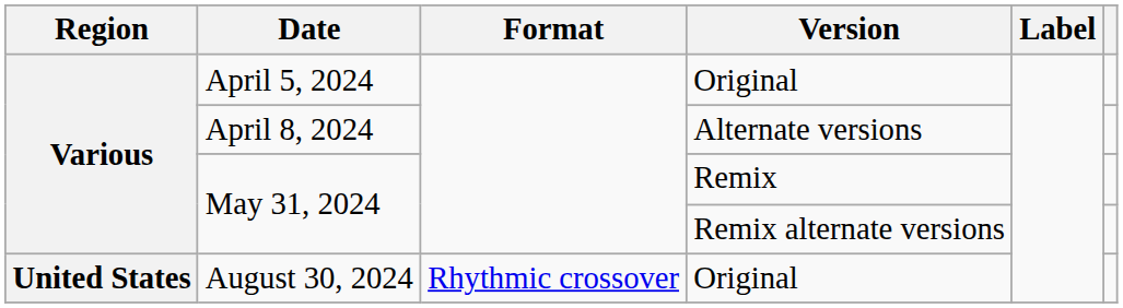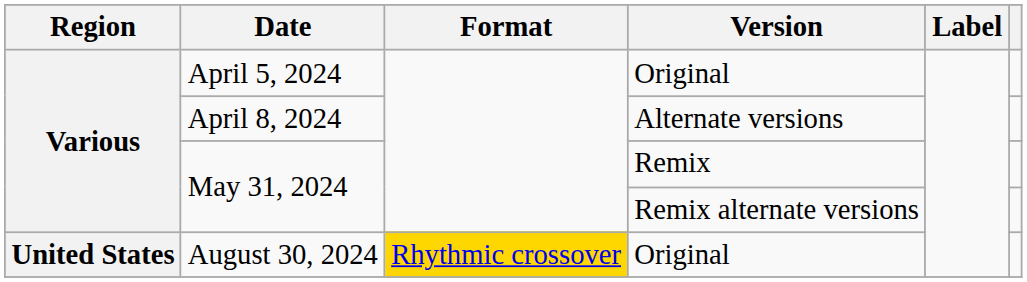 <table class="wikitable plainrowheaders">
 <tr>
 <th scope="col">Region</th>
 <th scope="col">Date</th>
 <th scope="col">Format</th>
 <th scope="col">Version</th>
 <th scope="col">Label</th>
 <th scope="col"></th>
 </tr>
 <tr>
 <th scope="row" rowspan="4">Various</th>
 <td>April 5, 2024</td>
 <td rowspan="4"></td>
 <td>Original</td>
 <td rowspan="5"></td>
 <td style="text-align:center;"></td>
 </tr>
 <tr>
 <td>April 8, 2024</td>
 <td>Alternate versions</td>
 <td style="text-align:center;"></td>
 </tr>
 <tr>
 <td rowspan="2">May 31, 2024</td>
 <td>Remix</td>
 <td style="text-align:center;"></td>
 </tr>
 <tr>
 <td>Remix alternate versions</td>
 <td style="text-align:center;"></td>
 </tr>
 <tr>
 <th scope="row">United States</th>
 <td>August 30, 2024</td>
-<td><a href='#'>Rhythmic crossover</a></td>
+<td style="background: gold;"><a href='#'>Rhythmic crossover</a></td>
 <td>Original</td>
 <td align="center"></td>
 </tr>
 </table>
